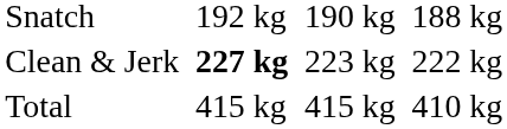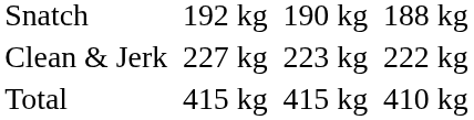 <table>
 <tr>
 <td>Snatch</td>
 <td></td>
 <td>192 kg</td>
 <td></td>
 <td>190 kg</td>
 <td></td>
 <td>188 kg</td>
 </tr>
 <tr>
 <td>Clean & Jerk</td>
 <td></td>
-<td><strong>227 kg</strong></td>
+<td>227 kg</td>
 <td></td>
 <td>223 kg</td>
 <td></td>
 <td>222 kg</td>
 </tr>
 <tr>
 <td>Total</td>
 <td></td>
 <td>415 kg</td>
 <td></td>
 <td>415 kg</td>
 <td></td>
 <td>410 kg</td>
 </tr>
 </table>
